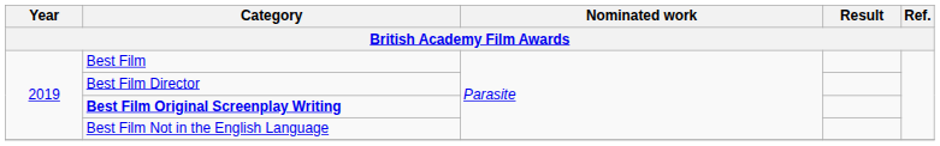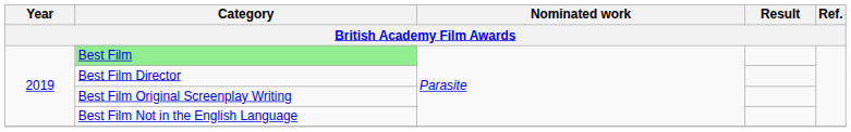 <table class=wikitable>
 <tr>
 <th scope="col" style="width:5em;">Year</th>
 <th scope="col" style="width:26em;">Category</th>
 <th scope="col" style="width:25em;">Nominated work</th>
 <th scope="col" style="width:5em;">Result</th>
 <th>Ref.</th>
 </tr>
 <tr>
 <th colspan=5><a href='#'>British Academy Film Awards</a></th>
 </tr>
 <tr>
 <td style="text-align:center;", rowspan="4"><a href='#'>2019</a></td>
-<td><a href='#'>Best Film</a></td>
+<td style="background: lightgreen;"><a href='#'>Best Film</a></td>
 <td rowspan=4><em><a href='#'>Parasite</a></em></td>
 <td></td>
 <td rowspan="4" style="text-align:center;"></td>
 </tr>
 <tr>
 <td><a href='#'>Best Film Director</a></td>
 <td></td>
 </tr>
 <tr>
-<td><strong><a href='#'>Best Film Original Screenplay Writing</a></strong></td>
+<td><a href='#'>Best Film Original Screenplay Writing</a></td>
 <td></td>
 </tr>
 <tr>
 <td><a href='#'>Best Film Not in the English Language</a></td>
 <td></td>
 </tr>
 <tr>
 </tr>
 </table>
